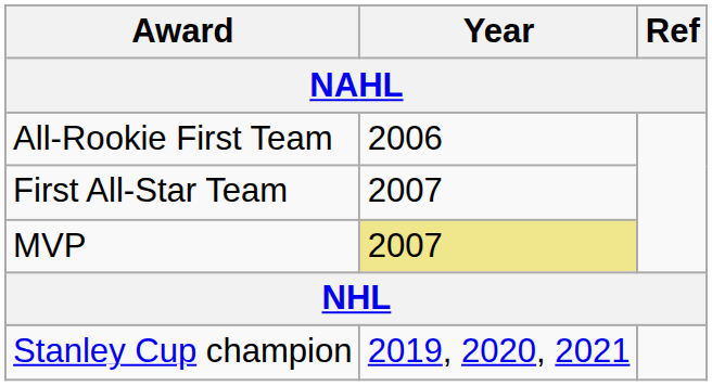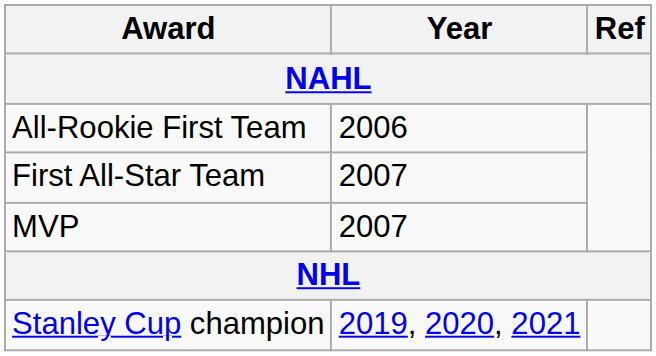 <table class="wikitable">
 <tr>
 <th>Award</th>
 <th>Year</th>
 <th>Ref</th>
 </tr>
 <tr>
 <th colspan="3"><a href='#'>NAHL</a></th>
 </tr>
 <tr>
 <td>All-Rookie First Team</td>
 <td>2006</td>
 <td rowspan="3"></td>
 </tr>
 <tr>
 <td>First All-Star Team</td>
 <td>2007</td>
 </tr>
 <tr>
 <td>MVP</td>
-<td style="background: khaki;">2007</td>
+<td>2007</td>
 </tr>
 <tr>
 <th colspan="3"><a href='#'>NHL</a></th>
 </tr>
 <tr>
 <td><a href='#'>Stanley Cup</a> champion</td>
 <td><a href='#'>2019</a>, <a href='#'>2020</a>, <a href='#'>2021</a></td>
 <td></td>
 </tr>
 </table>
